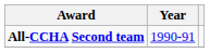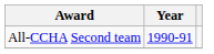 <table class="wikitable">
 <tr>
 <th>Award</th>
 <th>Year</th>
 <th></th>
 </tr>
 <tr>
-<td><strong>All-<a href='#'>CCHA</a> <a href='#'>Second team</a></strong></td>
+<td>All-<a href='#'>CCHA</a> <a href='#'>Second team</a></td>
 <td><a href='#'>1990-91</a></td>
 <td></td>
 </tr>
 <tr>
 </tr>
 </table>
